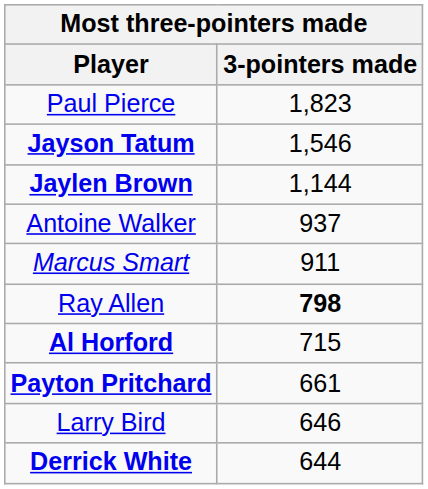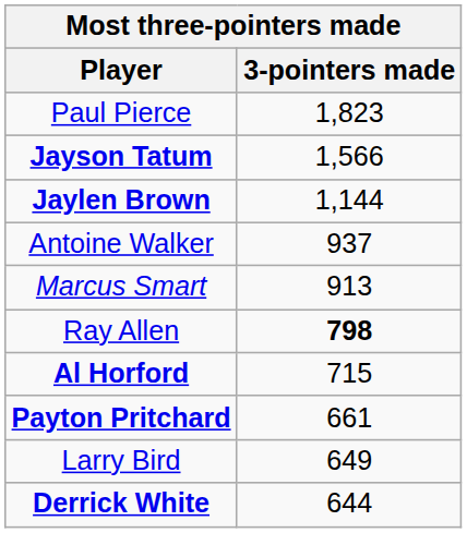 <table class="wikitable sortable" style="text-align:center">
 <tr>
 <th colspan="2" style="text-align:center; ">Most three-pointers made</th>
 </tr>
 <tr>
 <th style="text-align:center; ">Player</th>
 <th style="text-align:center; ">3-pointers made</th>
 </tr>
 <tr>
 <td><a href='#'>Paul Pierce</a></td>
 <td>1,823</td>
 </tr>
 <tr>
 <td><strong><a href='#'>Jayson Tatum</a></strong></td>
-<td>1,546</td>
+<td>1,566</td>
 </tr>
 <tr>
 <td><strong><a href='#'>Jaylen Brown</a></strong></td>
 <td>1,144</td>
 </tr>
 <tr>
 <td><a href='#'>Antoine Walker</a></td>
 <td>937</td>
 </tr>
 <tr>
 <td><em><a href='#'>Marcus Smart</a></em></td>
-<td>911</td>
+<td>913</td>
 </tr>
 <tr>
 <td><a href='#'>Ray Allen</a></td>
 <td><strong>798</strong></td>
 </tr>
 <tr>
 <td><strong><a href='#'>Al Horford</a></strong></td>
 <td>715</td>
 </tr>
 <tr>
 <td><strong><a href='#'>Payton Pritchard</a></strong></td>
 <td>661</td>
 </tr>
 <tr>
 <td><a href='#'>Larry Bird</a></td>
-<td>646</td>
+<td>649</td>
 </tr>
 <tr>
 <td><strong><a href='#'>Derrick White</a></strong></td>
 <td>644</td>
 </tr>
 </table>
